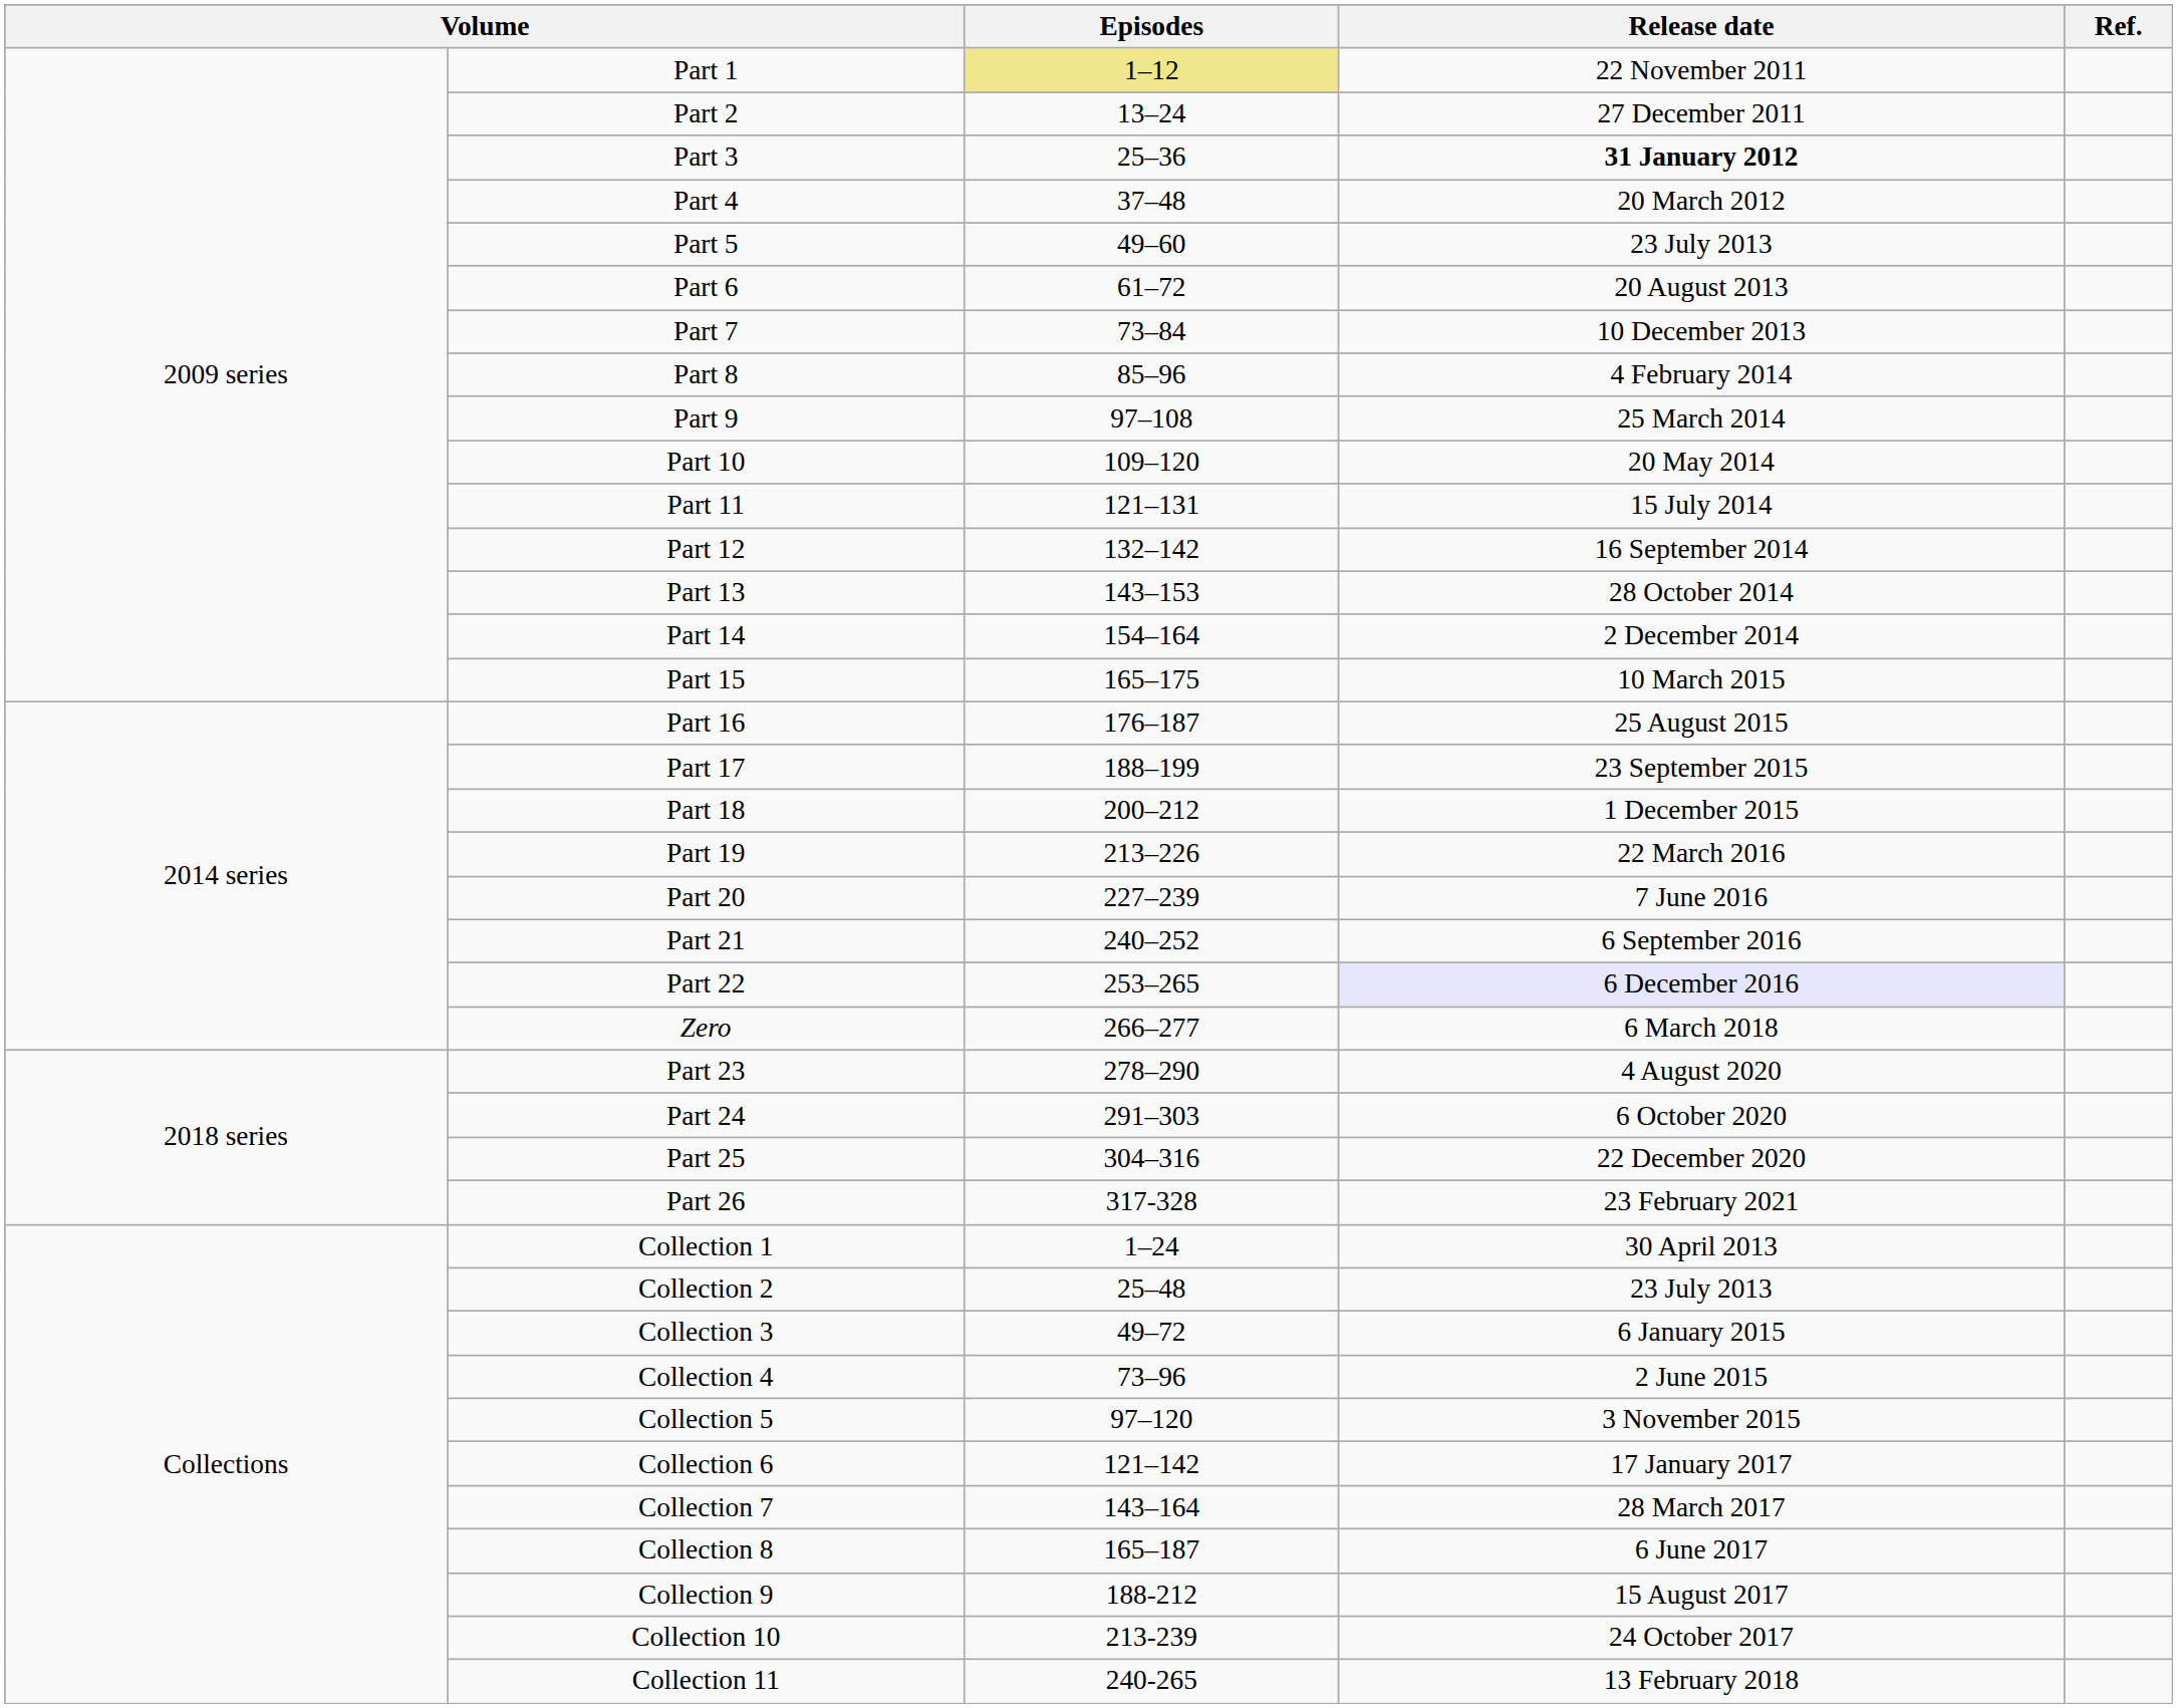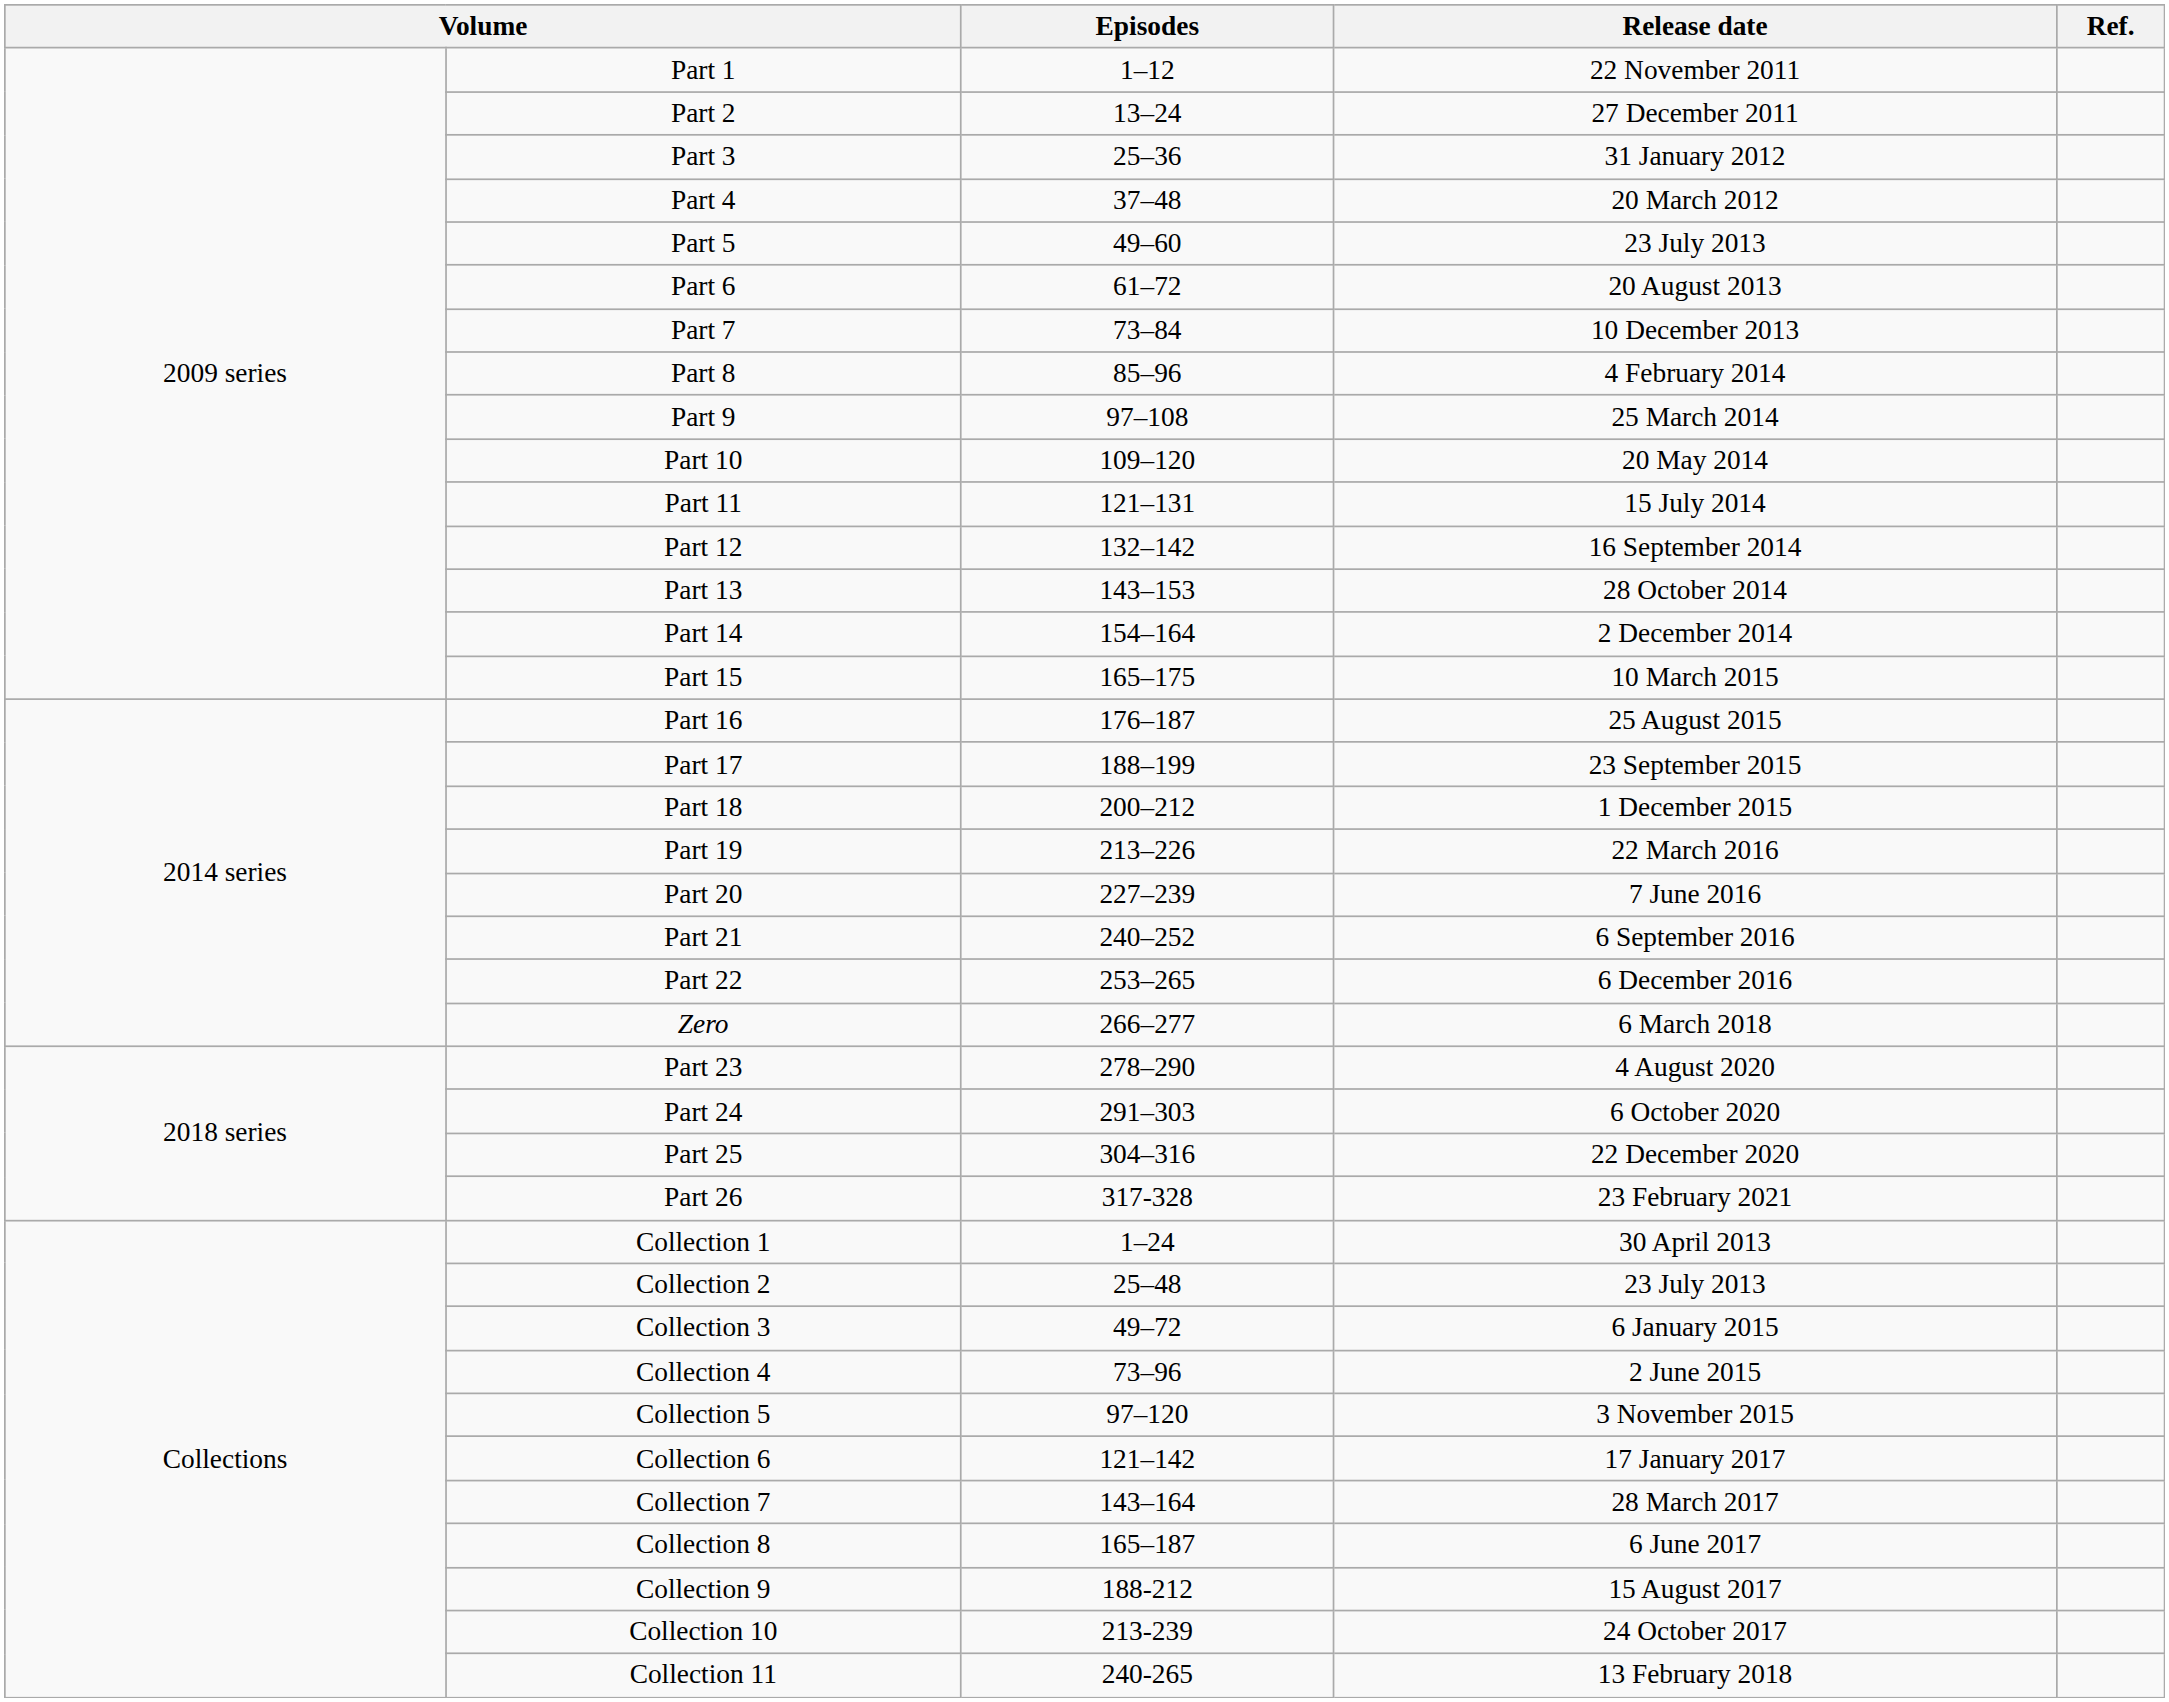 <table class="wikitable" style="text-align: center; width: 100%;">
 <tr>
 <th colspan="2">Volume</th>
 <th>Episodes</th>
 <th>Release date</th>
 <th width="5%">Ref.</th>
 </tr>
 <tr>
 <td rowspan="15">2009 series</td>
 <td>Part 1</td>
-<td style="background: khaki;">1–12</td>
+<td>1–12</td>
 <td>22 November 2011</td>
 <td></td>
 </tr>
 <tr>
 <td>Part 2</td>
 <td>13–24</td>
 <td>27 December 2011</td>
 <td></td>
 </tr>
 <tr>
 <td>Part 3</td>
 <td>25–36</td>
-<td><strong>31 January 2012</strong></td>
+<td>31 January 2012</td>
 <td></td>
 </tr>
 <tr>
 <td>Part 4</td>
 <td>37–48</td>
 <td>20 March 2012</td>
 <td></td>
 </tr>
 <tr>
 <td>Part 5</td>
 <td>49–60</td>
 <td>23 July 2013</td>
 <td></td>
 </tr>
 <tr>
 <td>Part 6</td>
 <td>61–72</td>
 <td>20 August 2013</td>
 <td></td>
 </tr>
 <tr>
 <td>Part 7</td>
 <td>73–84</td>
 <td>10 December 2013</td>
 <td></td>
 </tr>
 <tr>
 <td>Part 8</td>
 <td>85–96</td>
 <td>4 February 2014</td>
 <td></td>
 </tr>
 <tr>
 <td>Part 9</td>
 <td>97–108</td>
 <td>25 March 2014</td>
 <td></td>
 </tr>
 <tr>
 <td>Part 10</td>
 <td>109–120</td>
 <td>20 May 2014</td>
 <td></td>
 </tr>
 <tr>
 <td>Part 11</td>
 <td>121–131</td>
 <td>15 July 2014</td>
 <td></td>
 </tr>
 <tr>
 <td>Part 12</td>
 <td>132–142</td>
 <td>16 September 2014</td>
 <td></td>
 </tr>
 <tr>
 <td>Part 13</td>
 <td>143–153</td>
 <td>28 October 2014</td>
 <td></td>
 </tr>
 <tr>
 <td>Part 14</td>
 <td>154–164</td>
 <td>2 December 2014</td>
 <td></td>
 </tr>
 <tr>
 <td>Part 15</td>
 <td>165–175</td>
 <td>10 March 2015</td>
 <td></td>
 </tr>
 <tr>
 <td rowspan="8">2014 series</td>
 <td>Part 16</td>
 <td>176–187</td>
 <td>25 August 2015</td>
 <td></td>
 </tr>
 <tr>
 <td>Part 17</td>
 <td>188–199</td>
 <td>23 September 2015</td>
 <td></td>
 </tr>
 <tr>
 <td>Part 18</td>
 <td>200–212</td>
 <td>1 December 2015</td>
 <td></td>
 </tr>
 <tr>
 <td>Part 19</td>
 <td>213–226</td>
 <td>22 March 2016</td>
 <td></td>
 </tr>
 <tr>
 <td>Part 20</td>
 <td>227–239</td>
 <td>7 June 2016</td>
 <td></td>
 </tr>
 <tr>
 <td>Part 21</td>
 <td>240–252</td>
 <td>6 September 2016</td>
 <td></td>
 </tr>
 <tr>
 <td>Part 22</td>
 <td>253–265</td>
-<td style="background: lavender;">6 December 2016</td>
+<td>6 December 2016</td>
 <td></td>
 </tr>
 <tr>
 <td><em>Zero</em></td>
 <td>266–277</td>
 <td>6 March 2018</td>
 <td></td>
 </tr>
 <tr>
 <td rowspan="4">2018 series</td>
 <td>Part 23</td>
 <td>278–290</td>
 <td>4 August 2020</td>
 <td></td>
 </tr>
 <tr>
 <td>Part 24</td>
 <td>291–303</td>
 <td>6 October 2020</td>
 <td></td>
 </tr>
 <tr>
 <td>Part 25</td>
 <td>304–316</td>
 <td>22 December 2020</td>
 <td></td>
 </tr>
 <tr>
 <td>Part 26</td>
 <td>317-328</td>
 <td>23 February 2021</td>
 <td></td>
 </tr>
 <tr>
 <td rowspan="11">Collections</td>
 <td>Collection 1</td>
 <td>1–24</td>
 <td>30 April 2013</td>
 <td></td>
 </tr>
 <tr>
 <td>Collection 2</td>
 <td>25–48</td>
 <td>23 July 2013</td>
 <td></td>
 </tr>
 <tr>
 <td>Collection 3</td>
 <td>49–72</td>
 <td>6 January 2015</td>
 <td></td>
 </tr>
 <tr>
 <td>Collection 4</td>
 <td>73–96</td>
 <td>2 June 2015</td>
 <td></td>
 </tr>
 <tr>
 <td>Collection 5</td>
 <td>97–120</td>
 <td>3 November 2015</td>
 <td></td>
 </tr>
 <tr>
 <td>Collection 6</td>
 <td>121–142</td>
 <td>17 January 2017</td>
 <td></td>
 </tr>
 <tr>
 <td>Collection 7</td>
 <td>143–164</td>
 <td>28 March 2017</td>
 <td></td>
 </tr>
 <tr>
 <td>Collection 8</td>
 <td>165–187</td>
 <td>6 June 2017</td>
 <td></td>
 </tr>
 <tr>
 <td>Collection 9</td>
 <td>188-212</td>
 <td>15 August 2017</td>
 <td></td>
 </tr>
 <tr>
 <td>Collection 10</td>
 <td>213-239</td>
 <td>24 October 2017</td>
 <td></td>
 </tr>
 <tr>
 <td>Collection 11</td>
 <td>240-265</td>
 <td>13 February 2018</td>
 <td></td>
 </tr>
 </table>
